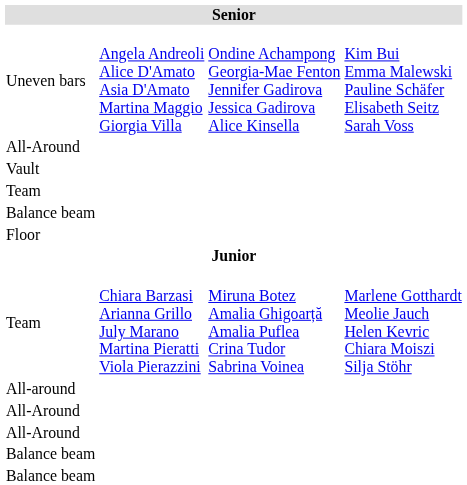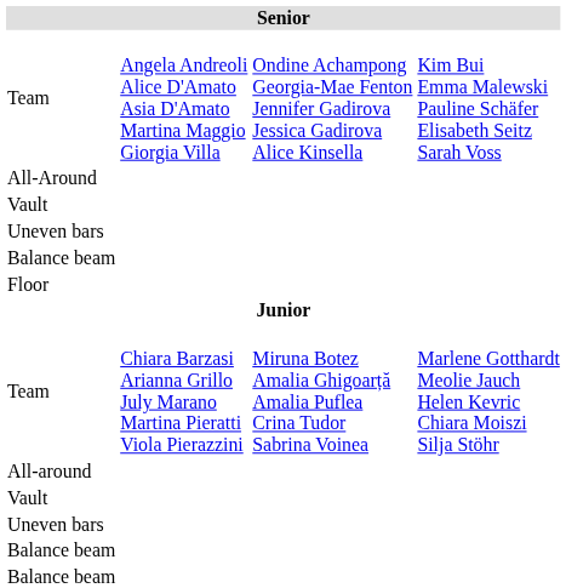 <table>
 <tr bgcolor="DFDFDF">
 <th colspan="4">Senior</th>
 </tr>
 <tr>
-<td>Uneven bars<br></td>
+<td>Team<br></td>
 <td><br><a href='#'>Angela Andreoli</a><br><a href='#'>Alice D'Amato</a><br><a href='#'>Asia D'Amato</a><br><a href='#'>Martina Maggio</a><br><a href='#'>Giorgia Villa</a></td>
 <td><br><a href='#'>Ondine Achampong</a><br><a href='#'>Georgia-Mae Fenton</a><br><a href='#'>Jennifer Gadirova</a><br><a href='#'>Jessica Gadirova</a><br><a href='#'>Alice Kinsella</a></td>
 <td><br><a href='#'>Kim Bui</a><br><a href='#'>Emma Malewski</a><br><a href='#'>Pauline Schäfer</a><br><a href='#'>Elisabeth Seitz</a><br><a href='#'>Sarah Voss</a></td>
 </tr>
 <tr>
 <td>All-Around<br></td>
 <td></td>
 <td></td>
 <td></td>
 </tr>
 <tr>
 <td>Vault<br></td>
 <td></td>
 <td></td>
 <td></td>
 </tr>
 <tr>
-<td>Team<br></td>
+<td>Uneven bars<br></td>
 <td></td>
 <td></td>
 <td></td>
 </tr>
 <tr>
 <td>Balance beam<br></td>
 <td></td>
 <td></td>
 <td></td>
 </tr>
 <tr>
 <td>Floor<br></td>
 <td></td>
 <td></td>
 <td></td>
 </tr>
 <tr>
 <th colspan="4">Junior</th>
 </tr>
 <tr>
 <td>Team<br></td>
 <td><br><a href='#'>Chiara Barzasi</a><br><a href='#'>Arianna Grillo</a><br><a href='#'>July Marano</a><br><a href='#'>Martina Pieratti</a><br><a href='#'>Viola Pierazzini</a></td>
 <td><br><a href='#'>Miruna Botez</a><br><a href='#'>Amalia Ghigoarță</a><br><a href='#'>Amalia Puflea</a><br><a href='#'>Crina Tudor</a><br><a href='#'>Sabrina Voinea</a></td>
 <td><br><a href='#'>Marlene Gotthardt</a><br><a href='#'>Meolie Jauch</a><br><a href='#'>Helen Kevric</a><br><a href='#'>Chiara Moiszi</a><br><a href='#'>Silja Stöhr</a></td>
 </tr>
 <tr>
 <td>All-around<br></td>
 <td></td>
 <td></td>
 <td></td>
 </tr>
 <tr>
-<td>All-Around<br></td>
+<td>Vault<br></td>
 <td></td>
 <td></td>
 <td></td>
 </tr>
 <tr>
-<td>All-Around<br></td>
+<td>Uneven bars<br></td>
 <td></td>
 <td></td>
 <td></td>
 </tr>
 <tr>
 <td>Balance beam<br></td>
 <td></td>
 <td></td>
 <td></td>
 </tr>
 <tr>
 <td>Balance beam<br></td>
 <td></td>
 <td></td>
 <td></td>
 </tr>
 </table>
